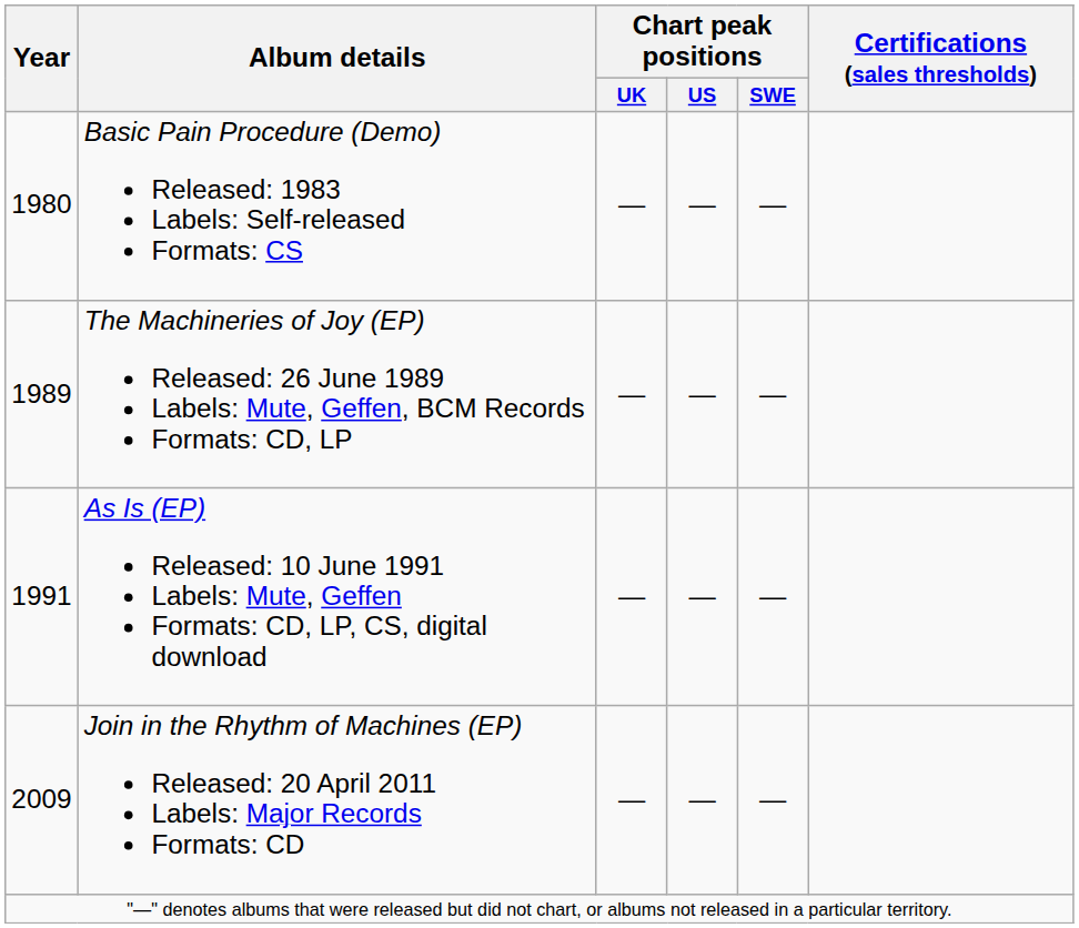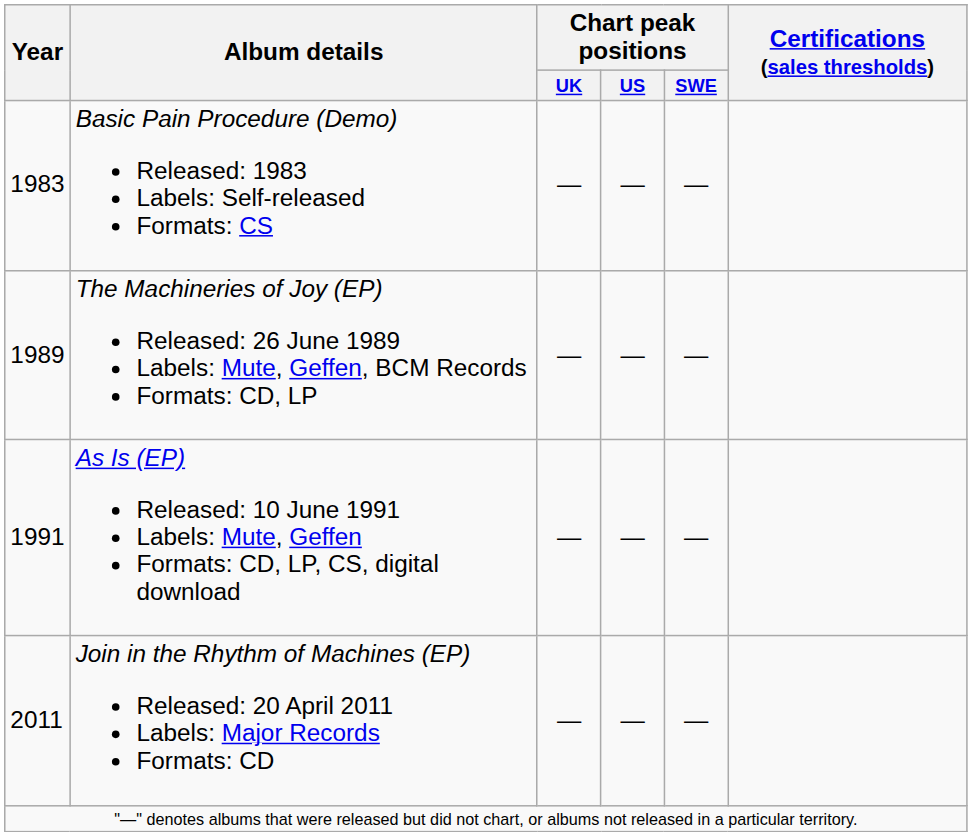 <table class="wikitable">
 <tr>
 <th rowspan="2" style="width:30px;">Year</th>
 <th rowspan="2" style="width:300px;">Album details</th>
 <th colspan="3">Chart peak positions</th>
 <th rowspan="2" style="width:150px;"><a href='#'>Certifications</a><br><small>(<a href='#'>sales thresholds</a>)</small></th>
 </tr>
 <tr>
 <th style="width:3em;font-size:75%;"><a href='#'>UK</a><br></th>
 <th style="width:3em;font-size:75%;"><a href='#'>US</a><br></th>
 <th style="width:3em;font-size:75%;"><a href='#'>SWE</a><br></th>
 </tr>
 <tr>
-<td>1980</td>
+<td>1983</td>
 <td><em>Basic Pain Procedure (Demo)</em><br><ul><li>Released: 1983</li><li>Labels: Self-released</li><li>Formats: <a href='#'>CS</a></li></ul></td>
 <td style="text-align:center;">—</td>
 <td style="text-align:center;">—</td>
 <td style="text-align:center;">—</td>
 <td align="left"></td>
 </tr>
 <tr>
 <td>1989</td>
 <td><em>The Machineries of Joy (EP)</em><br><ul><li>Released:  26 June 1989</li><li>Labels: <a href='#'>Mute</a>, <a href='#'>Geffen</a>, BCM Records</li><li>Formats: CD, LP</li></ul></td>
 <td style="text-align:center;">—</td>
 <td style="text-align:center;">—</td>
 <td style="text-align:center;">—</td>
 <td align="left"></td>
 </tr>
 <tr>
 <td>1991</td>
 <td><em><a href='#'>As Is (EP)</a></em><br><ul><li>Released: 10 June 1991</li><li>Labels: <a href='#'>Mute</a>, <a href='#'>Geffen</a></li><li>Formats: CD, LP, CS, digital download</li></ul></td>
 <td style="text-align:center;">—</td>
 <td style="text-align:center;">—</td>
 <td style="text-align:center;">—</td>
 <td align="left"></td>
 </tr>
 <tr>
-<td>2009</td>
+<td>2011</td>
 <td><em>Join in the Rhythm of Machines (EP)</em><br><ul><li>Released: 20 April 2011</li><li>Labels: <a href='#'>Major Records</a></li><li>Formats: CD</li></ul></td>
 <td style="text-align:center;">—</td>
 <td style="text-align:center;">—</td>
 <td style="text-align:center;">—</td>
 <td align="left"></td>
 </tr>
 <tr>
 <td colspan="15" style="text-align:center; font-size:8pt;">"—" denotes albums that were released but did not chart, or albums not released in a particular territory.</td>
 </tr>
 </table>
